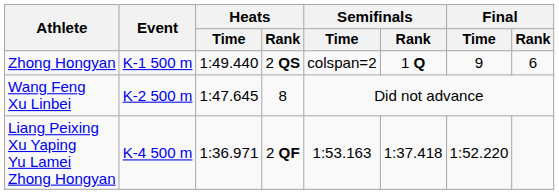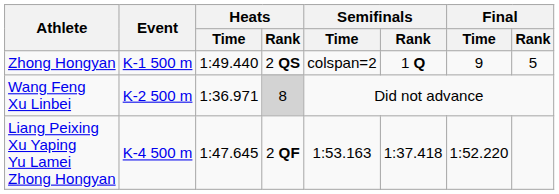 <table class="wikitable" style="font-size:90%">
 <tr>
 <th rowspan=2>Athlete</th>
 <th rowspan=2>Event</th>
 <th colspan=2>Heats</th>
 <th colspan=2>Semifinals</th>
 <th colspan=2>Final</th>
 </tr>
 <tr style="font-size:95%">
 <th>Time</th>
 <th>Rank</th>
 <th>Time</th>
 <th>Rank</th>
 <th>Time</th>
 <th>Rank</th>
 </tr>
 <tr align=center>
 <td align=left><a href='#'>Zhong Hongyan</a></td>
 <td align=left><a href='#'>K-1 500 m</a></td>
 <td>1:49.440</td>
 <td>2 <strong>QS</strong></td>
 <td>colspan=2 </td>
 <td>1 <strong>Q</strong></td>
 <td>9</td>
-<td>6</td>
+<td>5</td>
 </tr>
 <tr align=center>
 <td align=left><a href='#'>Wang Feng</a><br><a href='#'>Xu Linbei</a></td>
 <td align=left><a href='#'>K-2 500 m</a></td>
-<td>1:47.645</td>
-<td>8</td>
+<td>1:36.971</td>
+<td style="background: lightgrey;">8</td>
 <td colspan=4>Did not advance</td>
 </tr>
 <tr align=center>
 <td align=left><a href='#'>Liang Peixing</a><br><a href='#'>Xu Yaping</a><br><a href='#'>Yu Lamei</a><br><a href='#'>Zhong Hongyan</a></td>
 <td align=left><a href='#'>K-4 500 m</a></td>
-<td>1:36.971</td>
+<td>1:47.645</td>
 <td>2 <strong>QF</strong></td>
 <td>1:53.163</td>
 <td>1:37.418</td>
 <td>1:52.220</td>
 </tr>
 </table>
